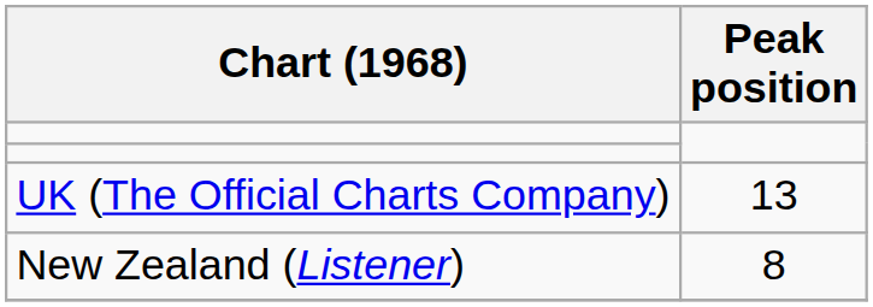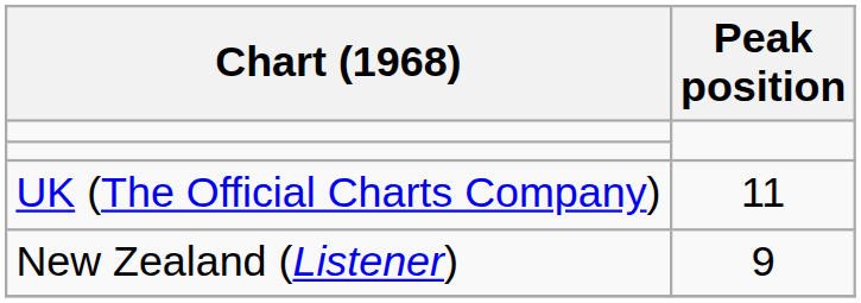 <table class="wikitable sortable">
 <tr>
 <th align="left">Chart (1968)</th>
 <th align="left">Peak<br>position</th>
 </tr>
 <tr>
 <td></td>
 </tr>
 <tr>
 <td></td>
 </tr>
 <tr>
 <td><a href='#'>UK</a> (<a href='#'>The Official Charts Company</a>)</td>
-<td style="text-align:center;">13</td>
+<td style="text-align:center;">11</td>
 </tr>
 <tr>
 <td>New Zealand (<em><a href='#'>Listener</a></em>)</td>
-<td style="text-align:center;">8</td>
+<td style="text-align:center;">9</td>
 </tr>
 <tr>
 </tr>
 </table>
